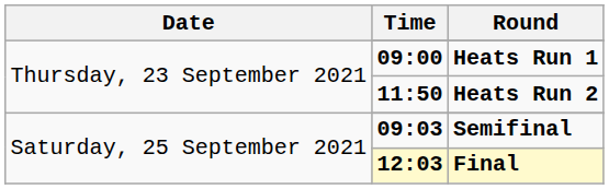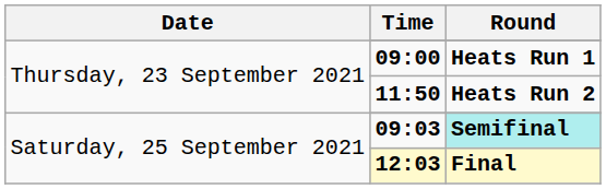 <table class="wikitable">
 <tr>
 <th>Date</th>
 <th>Time</th>
 <th>Round</th>
 </tr>
 <tr>
 <td rowspan=3>Thursday, 23 September 2021</td>
 </tr>
 <tr>
 <td><strong>09:00</strong></td>
 <td><strong>Heats Run 1</strong></td>
 </tr>
 <tr>
 <td><strong>11:50</strong></td>
 <td><strong>Heats Run 2</strong></td>
 </tr>
 <tr>
 <td rowspan=3>Saturday, 25 September 2021</td>
 </tr>
 <tr>
 <td><strong>09:03</strong></td>
-<td><strong>Semifinal</strong></td>
+<td style="background: paleturquoise;"><strong>Semifinal</strong></td>
 </tr>
 <tr style=background:lemonchiffon>
 <td><strong>12:03</strong></td>
 <td><strong>Final</strong></td>
 </tr>
 </table>
